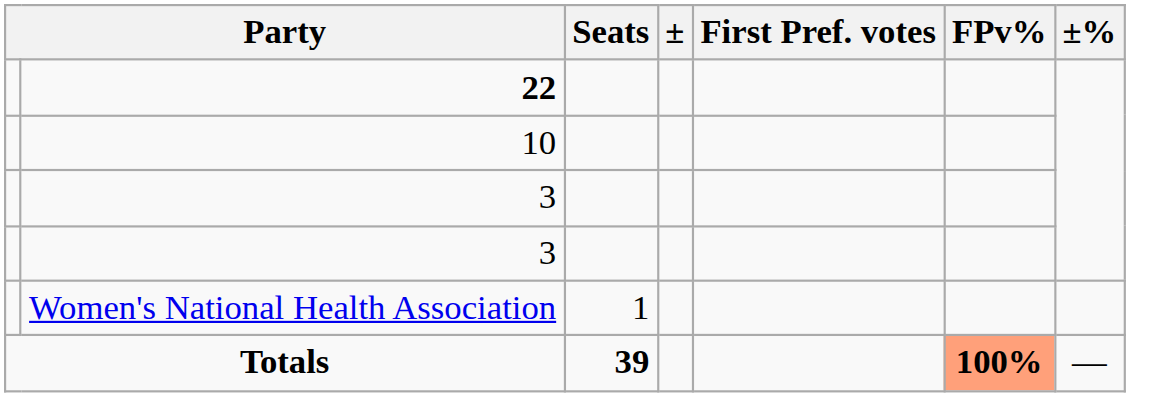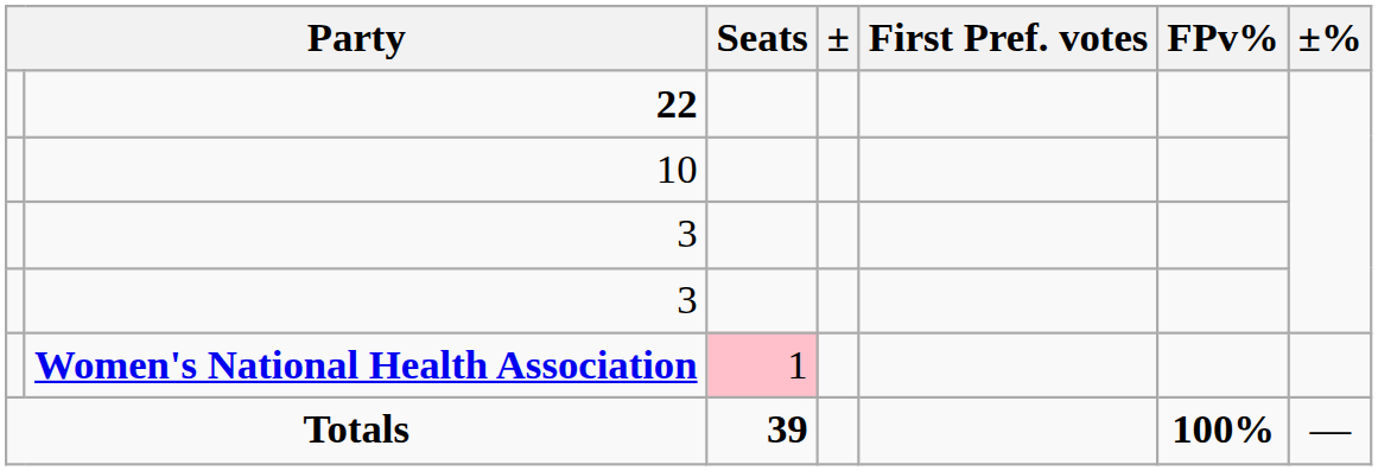 <table class=wikitable>
 <tr>
 <th colspan=2 align=center>Party</th>
 <th valign=top>Seats</th>
 <th valign=top>±</th>
 <th valign=top>First Pref. votes</th>
 <th valign=top>FPv%</th>
 <th valign=top>±%</th>
 </tr>
 <tr>
 <td></td>
 <td align=right><strong>22</strong></td>
 <td align=right></td>
 <td align=right></td>
 <td align=right></td>
 <td align=right></td>
 </tr>
 <tr>
 <td></td>
 <td align=right>10</td>
 <td align=right></td>
 <td align=right></td>
 <td align=right></td>
 <td align=right></td>
 </tr>
 <tr>
 <td></td>
 <td align=right>3</td>
 <td align=right></td>
 <td align=right></td>
 <td align=right></td>
 <td align=right></td>
 </tr>
 <tr>
 <td></td>
 <td align=right>3</td>
 <td align=right></td>
 <td align=right></td>
 <td align=right></td>
 <td align=right></td>
 </tr>
 <tr>
 <td></td>
-<td><a href='#'>Women's National Health Association</a></td>
-<td align=right>1</td>
+<td><strong><a href='#'>Women's National Health Association</a></strong></td>
+<td align=right style="background: pink;">1</td>
 <td align=right></td>
 <td align=right></td>
 <td align=right></td>
 <td align=right></td>
 </tr>
 <tr>
 <td colspan=2 align=center><strong>Totals</strong></td>
 <td align=right><strong>39</strong></td>
 <td align=center></td>
 <td align=right></td>
-<td align=center style="background: lightsalmon;"><strong>100%</strong></td>
+<td align=center><strong>100%</strong></td>
 <td align=center>—</td>
 </tr>
 </table>
